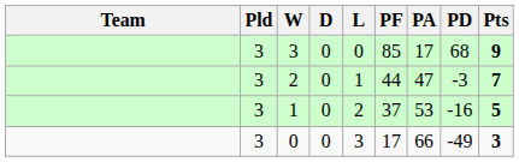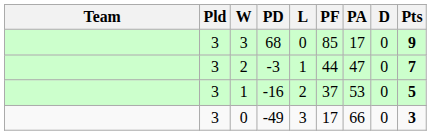 <table class="wikitable" style="text-align:center;">
 <tr>
 <th width="190">Team</th>
 <th width="20" abbr="Played">Pld</th>
 <th width="20" abbr="Won">W</th>
-<th width="20" abbr="Drawn">D</th>
+<th width="25" abbr="Points difference">PD</th>
 <th width="20" abbr="Lost">L</th>
 <th width="20" abbr="Points for">PF</th>
 <th width="20" abbr="Points against">PA</th>
-<th width="25" abbr="Points difference">PD</th>
+<th width="20" abbr="Drawn">D</th>
 <th width="20" abbr="Points">Pts</th>
 </tr>
 <tr style="background:#ccffcc">
 <td align="left"></td>
 <td>3</td>
 <td>3</td>
-<td>0</td>
+<td>68</td>
 <td>0</td>
 <td>85</td>
 <td>17</td>
-<td>68</td>
+<td>0</td>
 <td><strong>9</strong></td>
 </tr>
 <tr style="background:#ccffcc">
 <td align="left"></td>
 <td>3</td>
 <td>2</td>
-<td>0</td>
+<td>-3</td>
 <td>1</td>
 <td>44</td>
 <td>47</td>
-<td>-3</td>
+<td>0</td>
 <td><strong>7</strong></td>
 </tr>
 <tr style="background:#ccffcc">
 <td align="left"></td>
 <td>3</td>
 <td>1</td>
-<td>0</td>
+<td>-16</td>
 <td>2</td>
 <td>37</td>
 <td>53</td>
-<td>-16</td>
+<td>0</td>
 <td><strong>5</strong></td>
 </tr>
 <tr>
 <td align="left"></td>
 <td>3</td>
 <td>0</td>
-<td>0</td>
+<td>-49</td>
 <td>3</td>
 <td>17</td>
 <td>66</td>
-<td>-49</td>
+<td>0</td>
 <td><strong>3</strong></td>
 </tr>
 </table>
